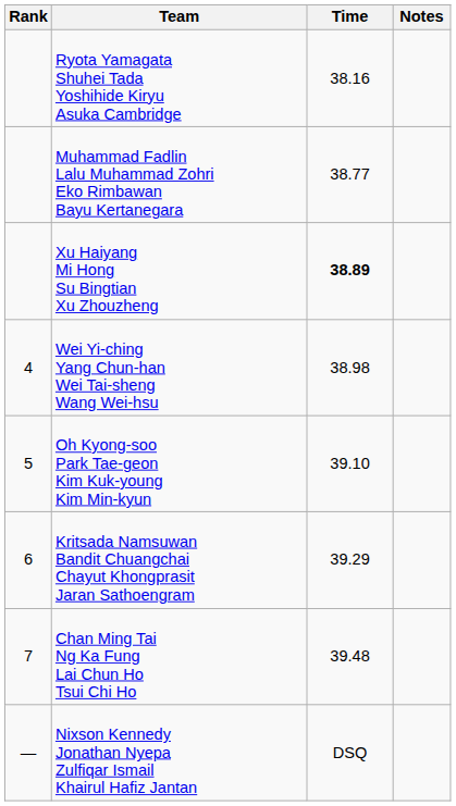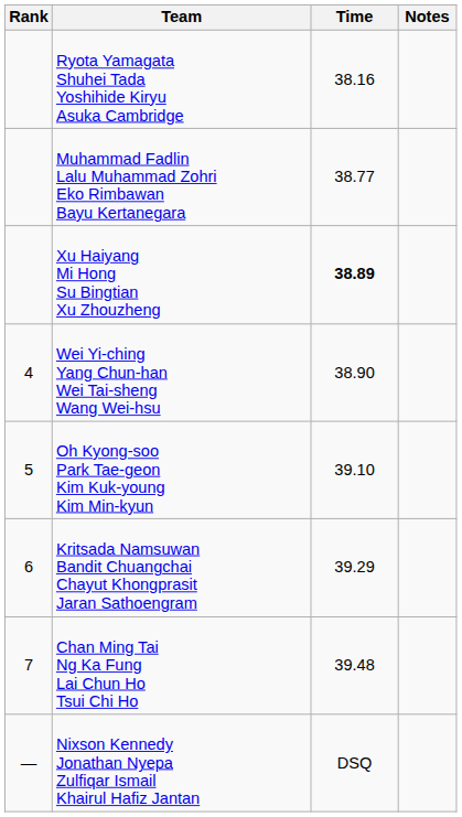 <table class="wikitable" style="text-align:center">
 <tr>
 <th width=40>Rank</th>
 <th width=250>Team</th>
 <th width=80>Time</th>
 <th width=50>Notes</th>
 </tr>
 <tr>
 <td></td>
 <td align="left"><br><a href='#'>Ryota Yamagata</a><br><a href='#'>Shuhei Tada</a><br><a href='#'>Yoshihide Kiryu</a><br><a href='#'>Asuka Cambridge</a></td>
 <td>38.16</td>
 <td></td>
 </tr>
 <tr>
 <td></td>
 <td align="left"><br><a href='#'>Muhammad Fadlin</a><br><a href='#'>Lalu Muhammad Zohri</a><br><a href='#'>Eko Rimbawan</a><br><a href='#'>Bayu Kertanegara</a></td>
 <td>38.77</td>
 <td></td>
 </tr>
 <tr>
 <td></td>
 <td align="left"><br><a href='#'>Xu Haiyang</a><br><a href='#'>Mi Hong</a><br><a href='#'>Su Bingtian</a><br><a href='#'>Xu Zhouzheng</a></td>
 <td><strong>38.89</strong></td>
 <td></td>
 </tr>
 <tr>
 <td>4</td>
 <td align="left"><br><a href='#'>Wei Yi-ching</a><br><a href='#'>Yang Chun-han</a><br><a href='#'>Wei Tai-sheng</a><br><a href='#'>Wang Wei-hsu</a></td>
-<td>38.98</td>
+<td>38.90</td>
 <td></td>
 </tr>
 <tr>
 <td>5</td>
 <td align="left"><br><a href='#'>Oh Kyong-soo</a><br><a href='#'>Park Tae-geon</a><br><a href='#'>Kim Kuk-young</a><br><a href='#'>Kim Min-kyun</a></td>
 <td>39.10</td>
 <td></td>
 </tr>
 <tr>
 <td>6</td>
 <td align="left"><br><a href='#'>Kritsada Namsuwan</a><br><a href='#'>Bandit Chuangchai</a><br><a href='#'>Chayut Khongprasit</a><br><a href='#'>Jaran Sathoengram</a></td>
 <td>39.29</td>
 <td></td>
 </tr>
 <tr>
 <td>7</td>
 <td align="left"><br><a href='#'>Chan Ming Tai</a><br><a href='#'>Ng Ka Fung</a><br><a href='#'>Lai Chun Ho</a><br><a href='#'>Tsui Chi Ho</a></td>
 <td>39.48</td>
 <td></td>
 </tr>
 <tr>
 <td>—</td>
 <td align="left"><br><a href='#'>Nixson Kennedy</a><br><a href='#'>Jonathan Nyepa</a><br><a href='#'>Zulfiqar Ismail</a><br><a href='#'>Khairul Hafiz Jantan</a></td>
 <td>DSQ</td>
 <td></td>
 </tr>
 </table>
